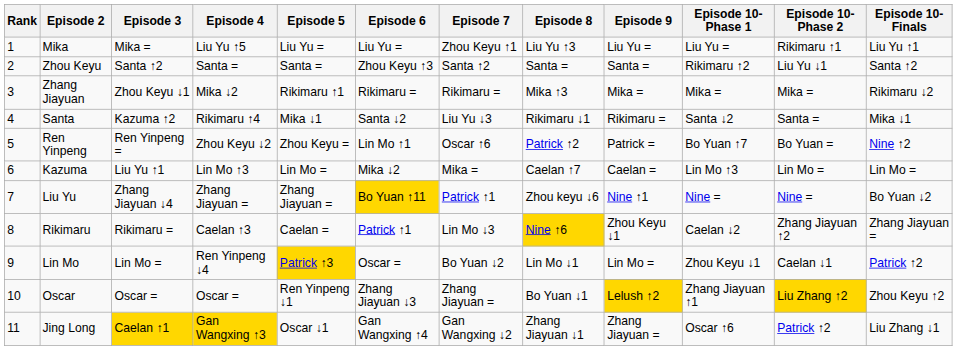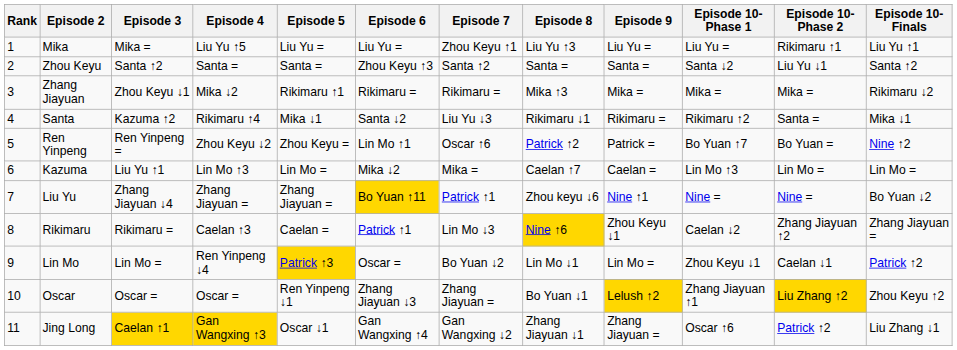 <table class="wikitable">
 <tr>
 <th>Rank</th>
 <th>Episode 2</th>
 <th>Episode 3</th>
 <th>Episode 4</th>
 <th>Episode 5</th>
 <th>Episode 6</th>
 <th>Episode 7</th>
 <th>Episode 8</th>
 <th>Episode 9</th>
 <th>Episode 10-Phase 1</th>
 <th>Episode 10-Phase 2</th>
 <th>Episode 10-Finals</th>
 </tr>
 <tr>
 <td>1</td>
 <td>Mika</td>
 <td>Mika =</td>
 <td>Liu Yu ↑5</td>
 <td>Liu Yu =</td>
 <td>Liu Yu =</td>
 <td>Zhou Keyu ↑1</td>
 <td>Liu Yu ↑3</td>
 <td>Liu Yu =</td>
 <td>Liu Yu =</td>
 <td>Rikimaru ↑1</td>
 <td>Liu Yu ↑1</td>
 </tr>
 <tr>
 <td>2</td>
 <td>Zhou Keyu</td>
 <td>Santa ↑2</td>
 <td>Santa =</td>
 <td>Santa =</td>
 <td>Zhou Keyu ↑3</td>
 <td>Santa ↑2</td>
 <td>Santa =</td>
 <td>Santa =</td>
-<td>Rikimaru ↑2</td>
+<td>Santa ↓2</td>
 <td>Liu Yu ↓1</td>
 <td>Santa ↑2</td>
 </tr>
 <tr>
 <td>3</td>
 <td>Zhang Jiayuan</td>
 <td>Zhou Keyu ↓1</td>
 <td>Mika ↓2</td>
 <td>Rikimaru ↑1</td>
 <td>Rikimaru =</td>
 <td>Rikimaru =</td>
 <td>Mika ↑3</td>
 <td>Mika =</td>
 <td>Mika =</td>
 <td>Mika =</td>
 <td>Rikimaru ↓2</td>
 </tr>
 <tr>
 <td>4</td>
 <td>Santa</td>
 <td>Kazuma ↑2</td>
 <td>Rikimaru ↑4</td>
 <td>Mika ↓1</td>
 <td>Santa ↓2</td>
 <td>Liu Yu ↓3</td>
 <td>Rikimaru ↓1</td>
 <td>Rikimaru =</td>
-<td>Santa ↓2</td>
+<td>Rikimaru ↑2</td>
 <td>Santa =</td>
 <td>Mika ↓1</td>
 </tr>
 <tr>
 <td>5</td>
 <td>Ren Yinpeng</td>
 <td>Ren Yinpeng =</td>
 <td>Zhou Keyu ↓2</td>
 <td>Zhou Keyu =</td>
 <td>Lin Mo ↑1</td>
 <td>Oscar ↑6</td>
 <td><a href='#'>Patrick</a> ↑2</td>
 <td>Patrick =</td>
 <td>Bo Yuan ↑7</td>
 <td>Bo Yuan =</td>
 <td><a href='#'>Nine</a> ↑2</td>
 </tr>
 <tr>
 <td>6</td>
 <td>Kazuma</td>
 <td>Liu Yu ↑1</td>
 <td>Lin Mo ↑3</td>
 <td>Lin Mo =</td>
 <td>Mika ↓2</td>
 <td>Mika =</td>
 <td>Caelan ↑7</td>
 <td>Caelan =</td>
 <td>Lin Mo ↑3</td>
 <td>Lin Mo =</td>
 <td>Lin Mo =</td>
 </tr>
 <tr>
 <td>7</td>
 <td>Liu Yu</td>
 <td>Zhang Jiayuan ↓4</td>
 <td>Zhang Jiayuan =</td>
 <td>Zhang Jiayuan =</td>
 <td style="background:gold">Bo Yuan ↑11</td>
 <td><a href='#'>Patrick</a> ↑1</td>
 <td>Zhou keyu ↓6</td>
 <td><a href='#'>Nine</a> ↑1</td>
 <td><a href='#'>Nine</a> =</td>
 <td><a href='#'>Nine</a> =</td>
 <td>Bo Yuan ↓2</td>
 </tr>
 <tr>
 <td>8</td>
 <td>Rikimaru</td>
 <td>Rikimaru =</td>
 <td>Caelan ↑3</td>
 <td>Caelan =</td>
 <td><a href='#'>Patrick</a> ↑1</td>
 <td>Lin Mo ↓3</td>
 <td style="background:gold"><a href='#'>Nine</a> ↑6</td>
 <td>Zhou Keyu ↓1</td>
 <td>Caelan ↓2</td>
 <td>Zhang Jiayuan ↑2</td>
 <td>Zhang Jiayuan =</td>
 </tr>
 <tr>
 <td>9</td>
 <td>Lin Mo</td>
 <td>Lin Mo =</td>
 <td>Ren Yinpeng ↓4</td>
 <td style="background:gold"><a href='#'>Patrick</a> ↑3</td>
 <td>Oscar =</td>
 <td>Bo Yuan ↓2</td>
 <td>Lin Mo ↓1</td>
 <td>Lin Mo =</td>
 <td>Zhou Keyu ↓1</td>
 <td>Caelan ↓1</td>
 <td><a href='#'>Patrick</a> ↑2</td>
 </tr>
 <tr>
 <td>10</td>
 <td>Oscar</td>
 <td>Oscar =</td>
 <td>Oscar =</td>
 <td>Ren Yinpeng  ↓1</td>
 <td>Zhang Jiayuan ↓3</td>
 <td>Zhang Jiayuan =</td>
 <td>Bo Yuan ↓1</td>
 <td style="background:gold">Lelush ↑2</td>
 <td>Zhang Jiayuan ↑1</td>
 <td style="background:gold">Liu Zhang ↑2</td>
 <td>Zhou Keyu ↑2</td>
 </tr>
 <tr>
 <td>11</td>
 <td>Jing Long</td>
 <td style="background:gold">Caelan  ↑1</td>
 <td style="background:gold">Gan Wangxing ↑3</td>
 <td>Oscar ↓1</td>
 <td>Gan Wangxing ↑4</td>
 <td>Gan Wangxing ↓2</td>
 <td>Zhang Jiayuan ↓1</td>
 <td>Zhang Jiayuan =</td>
 <td>Oscar ↑6</td>
 <td><a href='#'>Patrick</a> ↑2</td>
 <td>Liu Zhang ↓1</td>
 </tr>
 </table>
